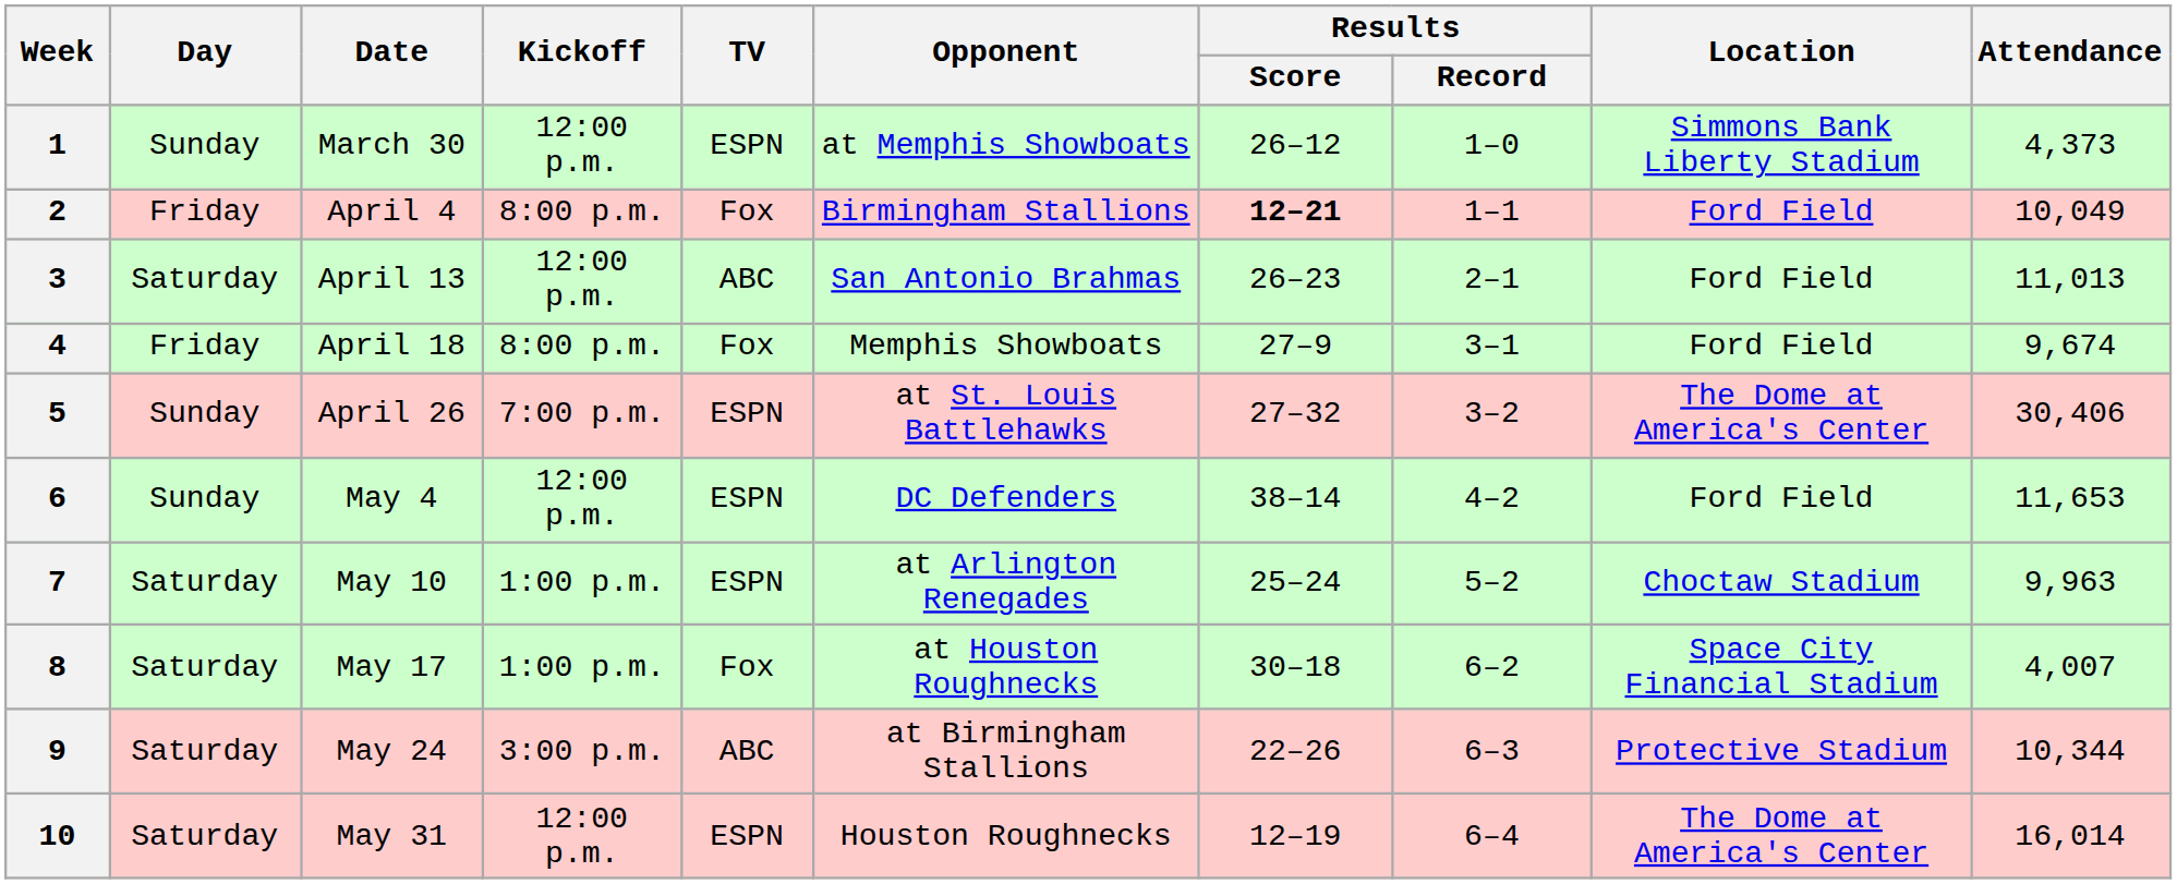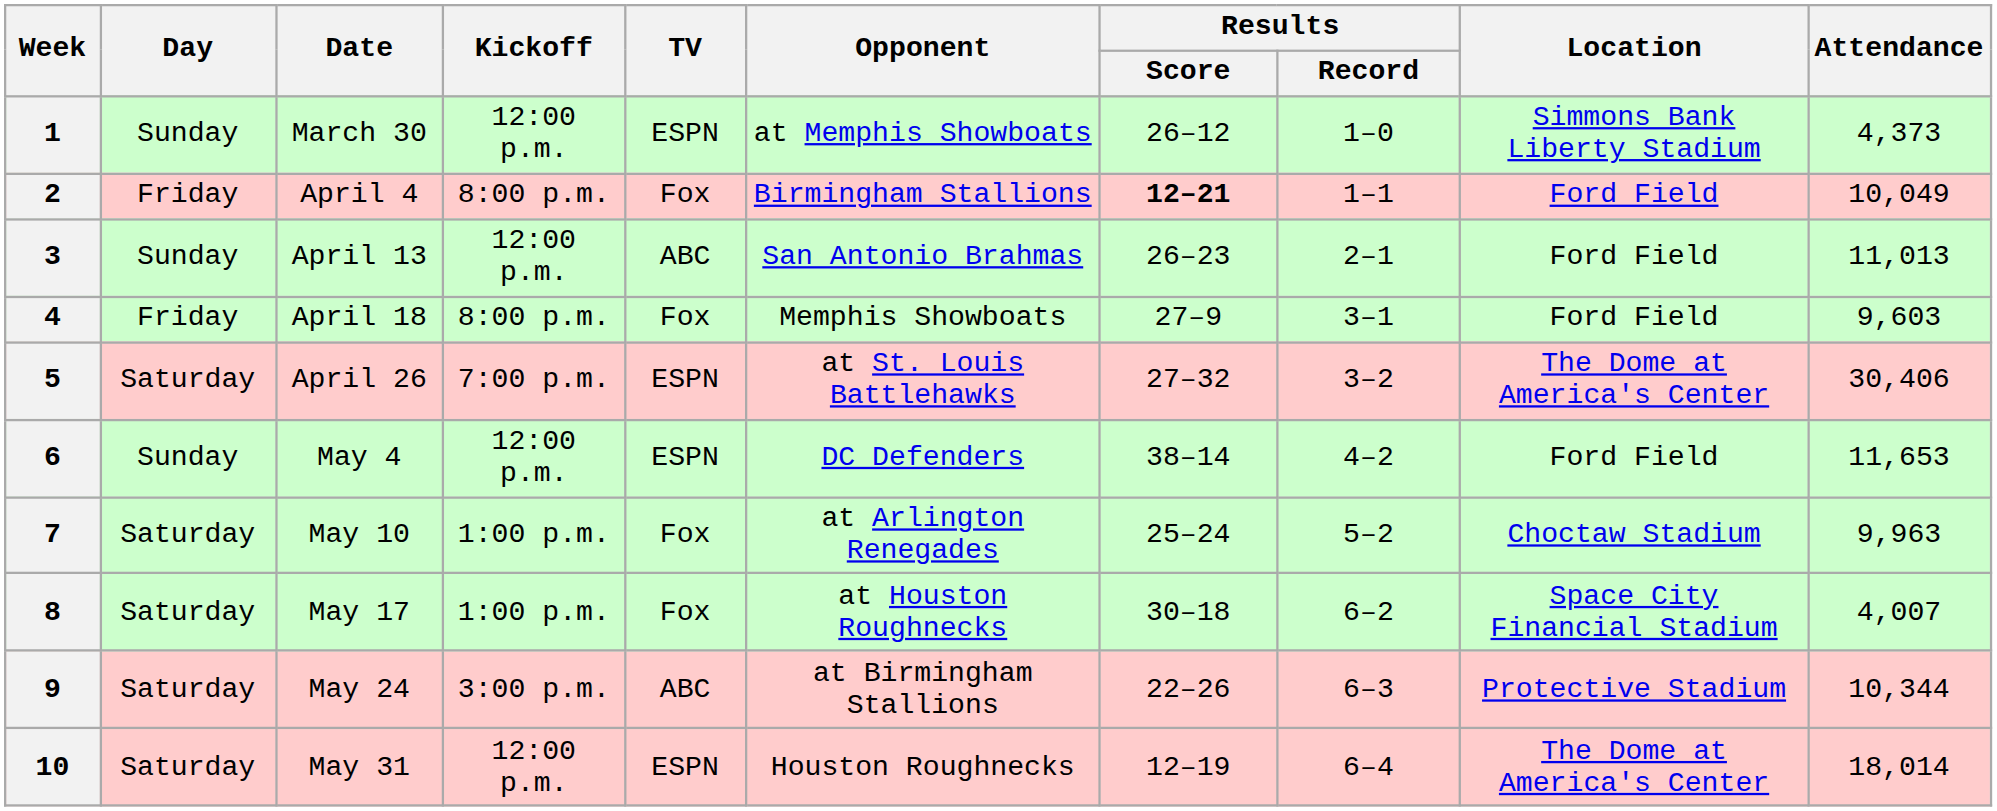 <table class="wikitable" style="text-align:center; font-size: 95%;">
 <tr>
 <th rowspan="2" width="40">Week</th>
 <th rowspan="2" width="80">Day</th>
 <th rowspan="2" width="90">Date</th>
 <th rowspan="2" width="90">Kickoff</th>
 <th rowspan="2" width="60">TV</th>
 <th rowspan="2" width="200">Opponent</th>
 <th colspan="2" width="200">Results</th>
 <th rowspan="2" width="200">Location</th>
 <th rowspan="2">Attendance</th>
 </tr>
 <tr>
 <th width="60">Score</th>
 <th width="60">Record</th>
 </tr>
 <tr style="background:#ccffcc">
 <th>1</th>
 <td>Sunday</td>
 <td>March 30</td>
 <td>12:00 p.m.</td>
 <td>ESPN</td>
 <td>at <a href='#'>Memphis Showboats</a></td>
 <td>26–12</td>
 <td>1–0</td>
 <td><a href='#'>Simmons Bank Liberty Stadium</a></td>
 <td>4,373</td>
 </tr>
 <tr style="background:#ffcccc">
 <th>2</th>
 <td>Friday</td>
 <td>April 4</td>
 <td>8:00 p.m.</td>
 <td>Fox</td>
 <td><a href='#'>Birmingham Stallions</a></td>
 <td><strong>12–21</strong></td>
 <td>1–1</td>
 <td><a href='#'>Ford Field</a></td>
 <td>10,049</td>
 </tr>
 <tr style="background:#ccffcc">
 <th>3</th>
-<td>Saturday</td>
+<td>Sunday</td>
 <td>April 13</td>
 <td>12:00 p.m.</td>
 <td>ABC</td>
 <td><a href='#'>San Antonio Brahmas</a></td>
 <td>26–23</td>
 <td>2–1</td>
 <td>Ford Field</td>
 <td>11,013</td>
 </tr>
 <tr style="background:#ccffcc">
 <th>4</th>
 <td>Friday</td>
 <td>April 18</td>
 <td>8:00 p.m.</td>
 <td>Fox</td>
 <td>Memphis Showboats</td>
 <td>27–9</td>
 <td>3–1</td>
 <td>Ford Field</td>
-<td>9,674</td>
+<td>9,603</td>
 </tr>
 <tr style="background:#ffcccc">
 <th>5</th>
-<td>Sunday</td>
+<td>Saturday</td>
 <td>April 26</td>
 <td>7:00 p.m.</td>
 <td>ESPN</td>
 <td>at <a href='#'>St. Louis Battlehawks</a></td>
 <td>27–32</td>
 <td>3–2</td>
 <td><a href='#'>The Dome at America's Center</a></td>
 <td>30,406</td>
 </tr>
 <tr style="background:#ccffcc">
 <th>6</th>
 <td>Sunday</td>
 <td>May 4</td>
 <td>12:00 p.m.</td>
 <td>ESPN</td>
 <td><a href='#'>DC Defenders</a></td>
 <td>38–14</td>
 <td>4–2</td>
 <td>Ford Field</td>
 <td>11,653</td>
 </tr>
 <tr style="background:#ccffcc">
 <th>7</th>
 <td>Saturday</td>
 <td>May 10</td>
 <td>1:00 p.m.</td>
-<td>ESPN</td>
+<td>Fox</td>
 <td>at <a href='#'>Arlington Renegades</a></td>
 <td>25–24</td>
 <td>5–2</td>
 <td><a href='#'>Choctaw Stadium</a></td>
 <td>9,963</td>
 </tr>
 <tr style="background:#ccffcc">
 <th>8</th>
 <td>Saturday</td>
 <td>May 17</td>
 <td>1:00 p.m.</td>
 <td>Fox</td>
 <td>at <a href='#'>Houston Roughnecks</a></td>
 <td>30–18</td>
 <td>6–2</td>
 <td><a href='#'>Space City Financial Stadium</a></td>
 <td>4,007</td>
 </tr>
 <tr style="background:#ffcccc">
 <th>9</th>
 <td>Saturday</td>
 <td>May 24</td>
 <td>3:00 p.m.</td>
 <td>ABC</td>
 <td>at Birmingham Stallions</td>
 <td>22–26</td>
 <td>6–3</td>
 <td><a href='#'>Protective Stadium</a></td>
 <td>10,344</td>
 </tr>
 <tr style="background:#ffcccc">
 <th>10</th>
 <td>Saturday</td>
 <td>May 31</td>
 <td>12:00 p.m.</td>
 <td>ESPN</td>
 <td>Houston Roughnecks</td>
 <td>12–19</td>
 <td>6–4</td>
 <td><a href='#'>The Dome at America's Center</a></td>
-<td>16,014</td>
+<td>18,014</td>
 </tr>
 </table>
